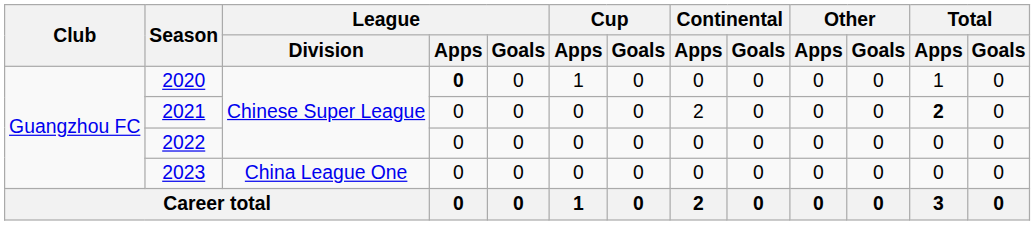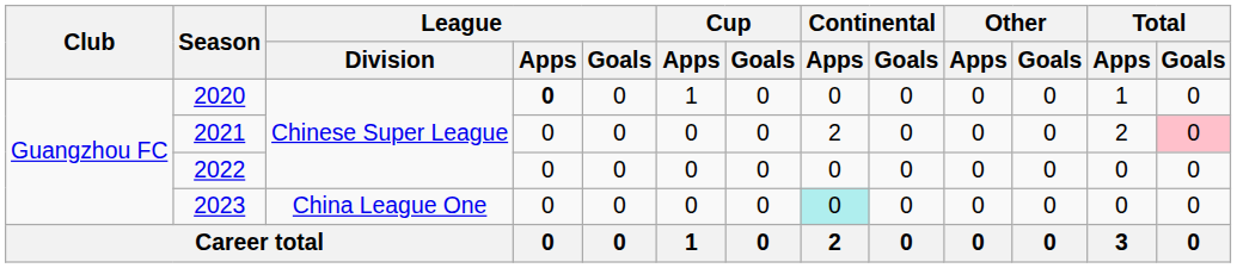 <table class="wikitable" style="text-align: center">
 <tr>
 <th rowspan="2">Club</th>
 <th rowspan="2">Season</th>
 <th colspan="3">League</th>
 <th colspan="2">Cup</th>
 <th colspan="2">Continental</th>
 <th colspan="2">Other</th>
 <th colspan="2">Total</th>
 </tr>
 <tr>
 <th>Division</th>
 <th>Apps</th>
 <th>Goals</th>
 <th>Apps</th>
 <th>Goals</th>
 <th>Apps</th>
 <th>Goals</th>
 <th>Apps</th>
 <th>Goals</th>
 <th>Apps</th>
 <th>Goals</th>
 </tr>
 <tr>
 <td rowspan="4"><a href='#'>Guangzhou FC</a></td>
 <td><a href='#'>2020</a></td>
 <td rowspan="3"><a href='#'>Chinese Super League</a></td>
 <td><strong>0</strong></td>
 <td>0</td>
 <td>1</td>
 <td>0</td>
 <td>0</td>
 <td>0</td>
 <td>0</td>
 <td>0</td>
 <td>1</td>
 <td>0</td>
 </tr>
 <tr>
 <td><a href='#'>2021</a></td>
 <td>0</td>
 <td>0</td>
 <td>0</td>
 <td>0</td>
 <td>2</td>
 <td>0</td>
 <td>0</td>
 <td>0</td>
-<td><strong>2</strong></td>
-<td>0</td>
+<td>2</td>
+<td style="background: pink;">0</td>
 </tr>
 <tr>
 <td><a href='#'>2022</a></td>
 <td>0</td>
 <td>0</td>
 <td>0</td>
 <td>0</td>
 <td>0</td>
 <td>0</td>
 <td>0</td>
 <td>0</td>
 <td>0</td>
 <td>0</td>
 </tr>
 <tr>
 <td><a href='#'>2023</a></td>
 <td><a href='#'>China League One</a></td>
 <td>0</td>
 <td>0</td>
 <td>0</td>
 <td>0</td>
-<td>0</td>
+<td style="background: paleturquoise;">0</td>
 <td>0</td>
 <td>0</td>
 <td>0</td>
 <td>0</td>
 <td>0</td>
 </tr>
 <tr>
 <th colspan=3>Career total</th>
 <th>0</th>
 <th>0</th>
 <th>1</th>
 <th>0</th>
 <th>2</th>
 <th>0</th>
 <th>0</th>
 <th>0</th>
 <th>3</th>
 <th>0</th>
 </tr>
 </table>
